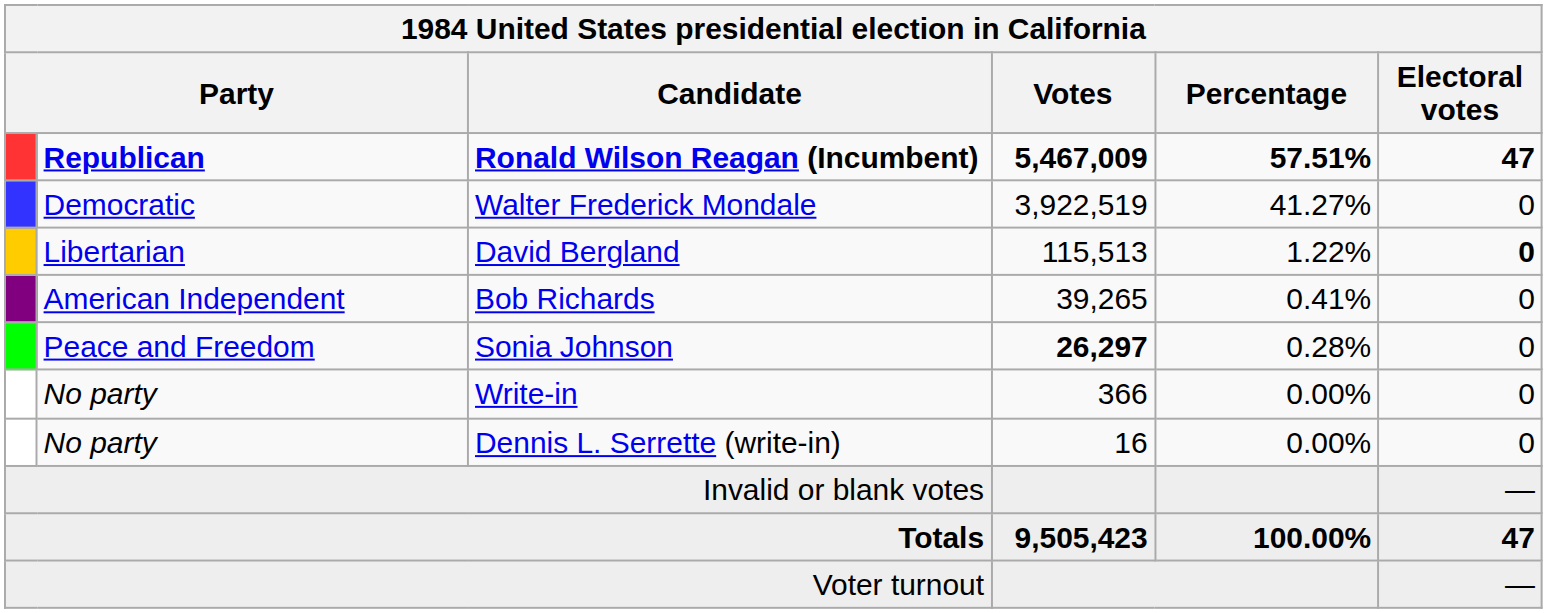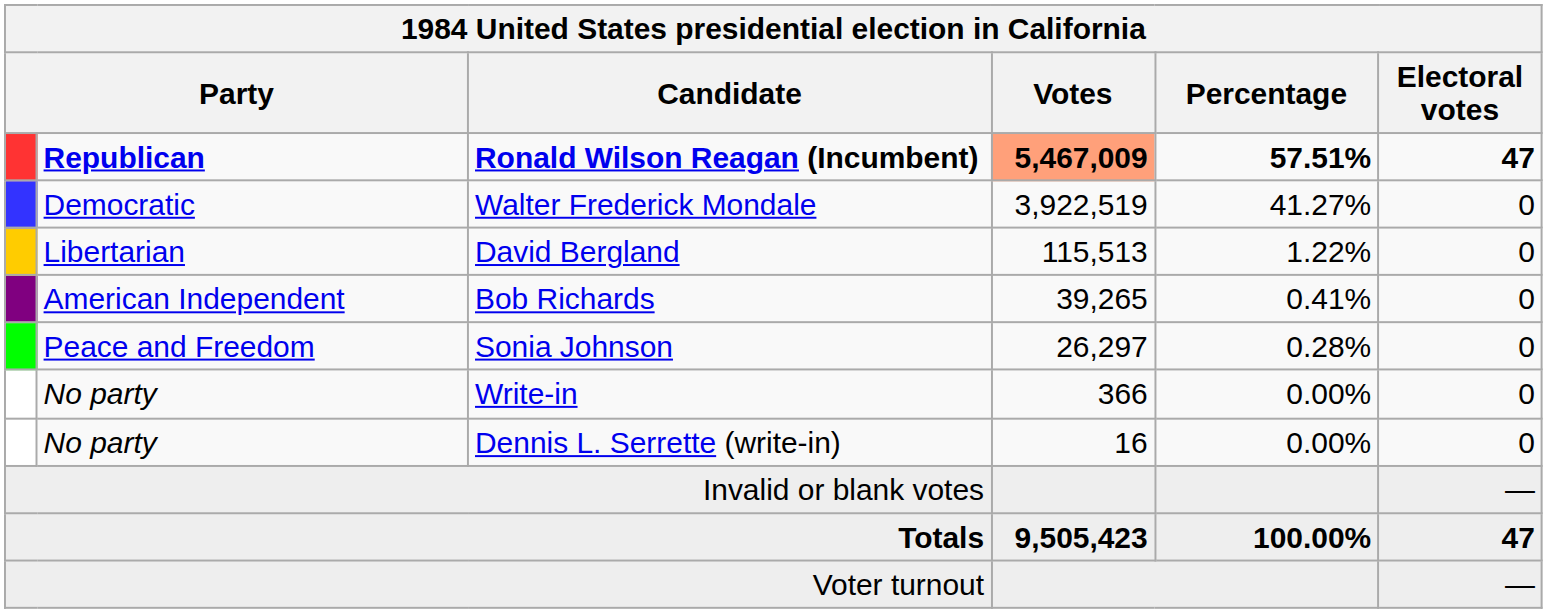 <table class="wikitable" style="font-size: 95%;">
 <tr>
 <th colspan="6">1984 United States presidential election in California</th>
 </tr>
 <tr>
 <th colspan="2" style="width: 15em">Party</th>
 <th style="width: 17em">Candidate</th>
 <th style="width: 5em">Votes</th>
 <th style="width: 7em">Percentage</th>
 <th style="width: 5em">Electoral votes</th>
 </tr>
 <tr>
 <th style="background-color:#FF3333; width: 3px"></th>
 <td style="width: 130px"><strong><a href='#'>Republican</a></strong></td>
 <td><strong><a href='#'>Ronald Wilson Reagan</a></strong> <strong>(Incumbent)</strong></td>
-<td align="right"><strong>5,467,009</strong></td>
+<td align="right" style="background: lightsalmon;"><strong>5,467,009</strong></td>
 <td align="right"><strong>57.51%</strong></td>
 <td align="right"><strong>47</strong></td>
 </tr>
 <tr>
 <th style="background-color:#3333FF; width: 3px"></th>
 <td style="width: 130px"><a href='#'>Democratic</a></td>
 <td><a href='#'>Walter Frederick Mondale</a></td>
 <td align="right">3,922,519</td>
 <td align="right">41.27%</td>
 <td align="right">0</td>
 </tr>
 <tr>
 <th style="background-color:#FFCC00; width: 3px"></th>
 <td style="width: 130px"><a href='#'>Libertarian</a></td>
 <td><a href='#'>David Bergland</a></td>
 <td align="right">115,513</td>
 <td align="right">1.22%</td>
-<td align="right"><strong>0</strong></td>
+<td align="right">0</td>
 </tr>
 <tr>
 <th style="background-color:#800080; width: 3px"></th>
 <td style="width: 130px"><a href='#'>American Independent</a></td>
 <td><a href='#'>Bob Richards</a></td>
 <td align="right">39,265</td>
 <td align="right">0.41%</td>
 <td align="right">0</td>
 </tr>
 <tr>
 <th style="background-color:#00FF00; width: 3px"></th>
 <td style="width: 130px"><a href='#'>Peace and Freedom</a></td>
 <td><a href='#'>Sonia Johnson</a></td>
-<td align="right"><strong>26,297</strong></td>
+<td align="right">26,297</td>
 <td align="right">0.28%</td>
 <td align="right">0</td>
 </tr>
 <tr>
 <th style="background-color:#FFFFFF; width: 3px"></th>
 <td style="width: 130px"><em>No party</em></td>
 <td><a href='#'>Write-in</a></td>
 <td align="right">366</td>
 <td align="right">0.00%</td>
 <td align="right">0</td>
 </tr>
 <tr>
 <th style="background-color:#FFFFFF; width: 3px"></th>
 <td style="width: 130px"><em>No party</em></td>
 <td><a href='#'>Dennis L. Serrette</a> (write-in)</td>
 <td align="right">16</td>
 <td align="right">0.00%</td>
 <td align="right">0</td>
 </tr>
 <tr bgcolor="#EEEEEE">
 <td colspan="3" align="right">Invalid or blank votes</td>
 <td align="right"></td>
 <td align="right"></td>
 <td align="right">—</td>
 </tr>
 <tr bgcolor="#EEEEEE">
 <td colspan="3" align="right"><strong>Totals</strong></td>
 <td align="right"><strong>9,505,423</strong></td>
 <td align="right"><strong>100.00%</strong></td>
 <td align="right"><strong>47</strong></td>
 </tr>
 <tr bgcolor="#EEEEEE">
 <td colspan="3" align="right">Voter turnout</td>
 <td colspan="2" align="right"></td>
 <td align="right">—</td>
 </tr>
 </table>
